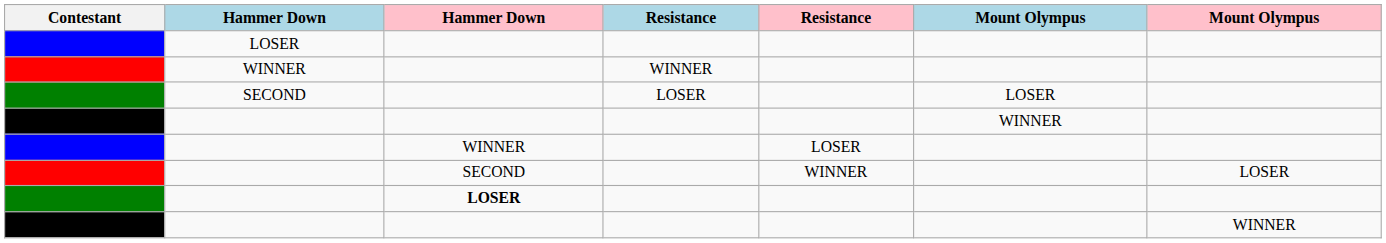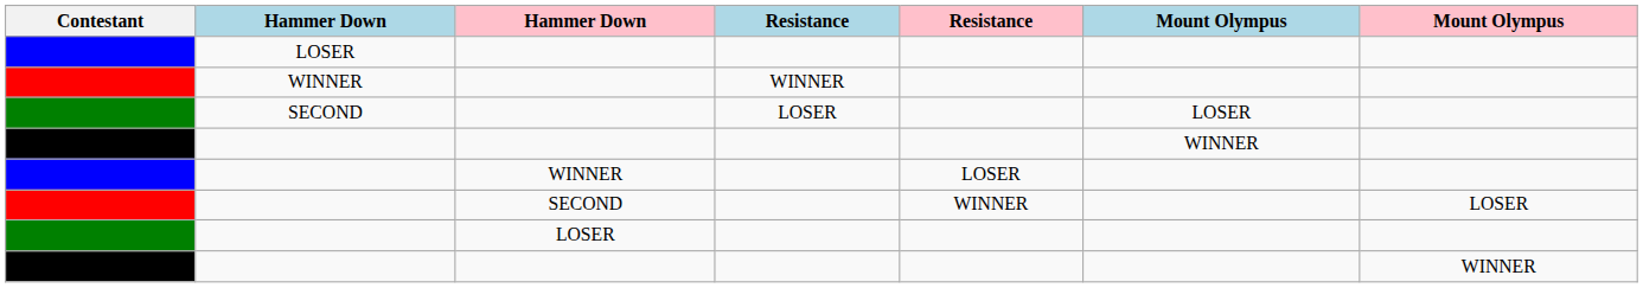 <table class="wikitable" style="text-align:center; font-size:90%; width:100%">
 <tr>
 <th>Contestant</th>
 <th style="background:lightblue;">Hammer Down</th>
 <th style="background:pink;">Hammer Down</th>
 <th style="background:lightblue;">Resistance</th>
 <th style="background:pink;">Resistance</th>
 <th style="background:lightblue;">Mount Olympus</th>
 <th style="background:pink;">Mount Olympus</th>
 </tr>
 <tr>
 <td style="background:blue;"></td>
 <td>LOSER</td>
 <td></td>
 <td></td>
 <td></td>
 <td></td>
 <td></td>
 </tr>
 <tr>
 <td style="background:red;"></td>
 <td>WINNER</td>
 <td></td>
 <td>WINNER</td>
 <td></td>
 <td></td>
 <td></td>
 </tr>
 <tr>
 <td style="background:green;"></td>
 <td>SECOND</td>
 <td></td>
 <td>LOSER</td>
 <td></td>
 <td>LOSER</td>
 <td></td>
 </tr>
 <tr>
 <td style="background:black;"></td>
 <td></td>
 <td></td>
 <td></td>
 <td></td>
 <td>WINNER</td>
 <td></td>
 </tr>
 <tr>
 <td style="background:blue;"></td>
 <td></td>
 <td>WINNER</td>
 <td></td>
 <td>LOSER</td>
 <td></td>
 <td></td>
 </tr>
 <tr>
 <td style="background:red;"></td>
 <td></td>
 <td>SECOND</td>
 <td></td>
 <td>WINNER</td>
 <td></td>
 <td>LOSER</td>
 </tr>
 <tr>
 <td style="background:green;"></td>
 <td></td>
-<td><strong>LOSER</strong></td>
+<td>LOSER</td>
 <td></td>
 <td></td>
 <td></td>
 <td></td>
 </tr>
 <tr>
 <td style="background:black;"></td>
 <td></td>
 <td></td>
 <td></td>
 <td></td>
 <td></td>
 <td>WINNER</td>
 </tr>
 </table>
